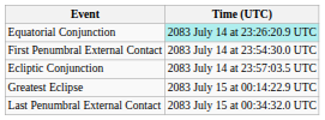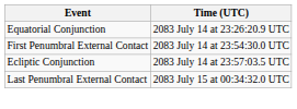 <table class="wikitable">
 <tr>
 <th>Event</th>
 <th>Time (UTC)</th>
 </tr>
 <tr>
 <td>Equatorial Conjunction</td>
-<td style="background: paleturquoise;">2083 July 14 at 23:26:20.9 UTC</td>
+<td>2083 July 14 at 23:26:20.9 UTC</td>
 </tr>
 <tr>
 <td>First Penumbral External Contact</td>
 <td>2083 July 14 at 23:54:30.0 UTC</td>
 </tr>
 <tr>
 <td>Ecliptic Conjunction</td>
 <td>2083 July 14 at 23:57:03.5 UTC</td>
 </tr>
 <tr>
-<td>Greatest Eclipse</td>
-<td>2083 July 15 at 00:14:22.9 UTC</td>
-</tr>
-<tr>
 <td>Last Penumbral External Contact</td>
 <td>2083 July 15 at 00:34:32.0 UTC</td>
 </tr>
 </table>
